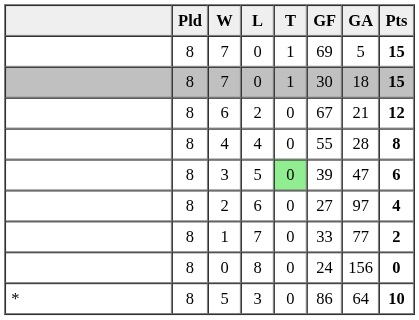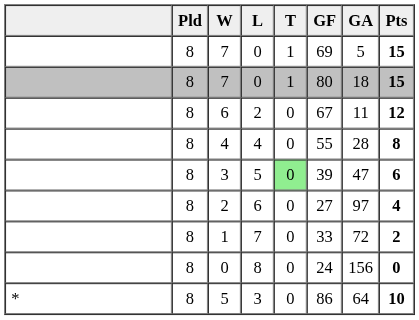 <table border=1 cellpadding=5 cellspacing=0>
 <tr>
 <th bgcolor="#efefef" width="150"></th>
 <th bgcolor="#efefef" width="20">Pld</th>
 <th bgcolor="#efefef" width="20">W</th>
 <th bgcolor="#efefef" width="20">L</th>
 <th bgcolor="#efefef" width="20">T</th>
 <th bgcolor="#efefef" width="20">GF</th>
 <th bgcolor="#efefef" width="20">GA</th>
 <th bgcolor="#efefef" width="20">Pts</th>
 </tr>
 <tr align=center>
 <td align=left></td>
 <td>8</td>
 <td>7</td>
 <td>0</td>
 <td>1</td>
 <td>69</td>
 <td>5</td>
 <td><strong>15</strong></td>
 </tr>
 <tr align=center bgcolor="silver">
 <td align=left> </td>
 <td>8</td>
 <td>7</td>
 <td>0</td>
 <td>1</td>
-<td>30</td>
+<td>80</td>
 <td>18</td>
 <td><strong>15</strong></td>
 </tr>
 <tr align=center>
 <td align=left></td>
 <td>8</td>
 <td>6</td>
 <td>2</td>
 <td>0</td>
 <td>67</td>
-<td>21</td>
+<td>11</td>
 <td><strong>12</strong></td>
 </tr>
 <tr align=center>
 <td align=left></td>
 <td>8</td>
 <td>4</td>
 <td>4</td>
 <td>0</td>
 <td>55</td>
 <td>28</td>
 <td><strong>8</strong></td>
 </tr>
 <tr align=center>
 <td align=left></td>
 <td>8</td>
 <td>3</td>
 <td>5</td>
 <td style="background: lightgreen;">0</td>
 <td>39</td>
 <td>47</td>
 <td><strong>6</strong></td>
 </tr>
 <tr align=center>
 <td align=left></td>
 <td>8</td>
 <td>2</td>
 <td>6</td>
 <td>0</td>
 <td>27</td>
 <td>97</td>
 <td><strong>4</strong></td>
 </tr>
 <tr align=center>
 <td align=left></td>
 <td>8</td>
 <td>1</td>
 <td>7</td>
 <td>0</td>
 <td>33</td>
-<td>77</td>
+<td>72</td>
 <td><strong>2</strong></td>
 </tr>
 <tr align=center>
 <td align=left></td>
 <td>8</td>
 <td>0</td>
 <td>8</td>
 <td>0</td>
 <td>24</td>
 <td>156</td>
 <td><strong>0</strong></td>
 </tr>
 <tr align=center>
 <td align=left> *</td>
 <td>8</td>
 <td>5</td>
 <td>3</td>
 <td>0</td>
 <td>86</td>
 <td>64</td>
 <td><strong>10</strong></td>
 </tr>
 </table>
